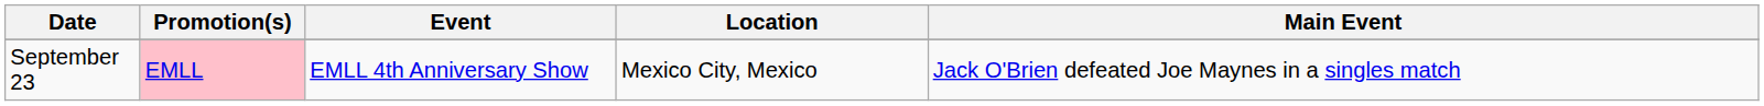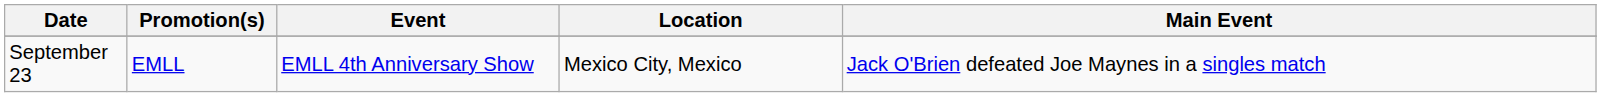 <table class="wikitable" style="width:100%;">
 <tr>
 <th width=5%>Date</th>
 <th width=5%>Promotion(s)</th>
 <th style="width:15%;">Event</th>
 <th style="width:15%;">Location</th>
 <th style="width:40%;">Main Event</th>
 </tr>
 <tr style="width:20%;"| Notes>
 </tr>
 <tr>
 <td>September 23</td>
-<td style="background: pink;"><a href='#'>EMLL</a></td>
+<td><a href='#'>EMLL</a></td>
 <td><a href='#'>EMLL 4th Anniversary Show</a></td>
 <td>Mexico City, Mexico</td>
 <td><a href='#'>Jack O'Brien</a> defeated Joe Maynes in a <a href='#'>singles match</a></td>
 </tr>
 </table>
